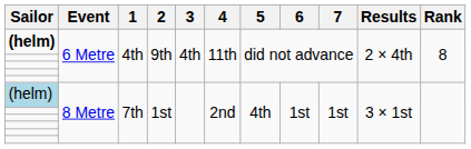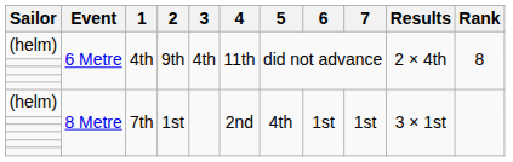 <table class="wikitable sortable" style="text-align:center">
 <tr>
 <th>Sailor</th>
 <th>Event</th>
 <th>1</th>
 <th>2</th>
 <th>3</th>
 <th>4</th>
 <th>5</th>
 <th>6</th>
 <th>7</th>
 <th>Results</th>
 <th>Rank</th>
 </tr>
 <tr>
-<td align=left><strong> (helm)</strong></td>
+<td align=left> (helm)</td>
 <td align=left rowspan=5><a href='#'>6 Metre</a></td>
 <td rowspan=5>4th</td>
 <td rowspan=5>9th</td>
 <td rowspan=5>4th</td>
 <td rowspan=5>11th</td>
 <td colspan=3 rowspan=5>did not advance</td>
 <td rowspan=5>2 × 4th</td>
 <td rowspan=5>8</td>
 </tr>
 <tr>
 <td align=left></td>
 </tr>
 <tr>
 <td align=left></td>
 </tr>
 <tr>
 <td align=left></td>
 </tr>
 <tr>
 <td align=left></td>
 </tr>
 <tr>
-<td align=left style="background: lightblue;"><strong></strong> (helm)</td>
+<td align=left><strong></strong> (helm)</td>
 <td align=left rowspan=6><a href='#'>8 Metre</a></td>
 <td rowspan=6>7th</td>
 <td rowspan=6>1st</td>
 <td rowspan=6></td>
 <td rowspan=6>2nd</td>
 <td rowspan=6>4th</td>
 <td rowspan=6>1st</td>
 <td rowspan=6>1st</td>
 <td rowspan=6>3 × 1st</td>
 <td rowspan=6></td>
 </tr>
 <tr>
 <td align=left><strong></strong></td>
 </tr>
 <tr>
 <td align=left><strong></strong></td>
 </tr>
 <tr>
 <td align=left><strong></strong></td>
 </tr>
 <tr>
 <td align=left><strong></strong></td>
 </tr>
 <tr>
 <td align=left><strong></strong></td>
 </tr>
 </table>
